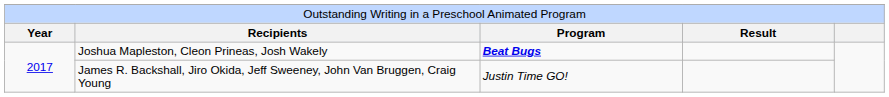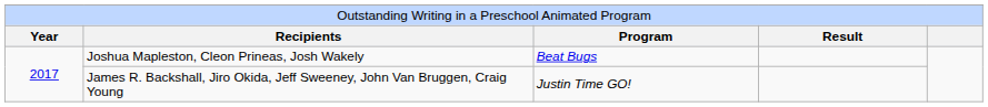 <table class="wikitable plainrowheaders" style="font-size: 90%" width=85%>
 <tr>
 </tr>
 <tr ---- bgcolor="#bfd7ff">
 <td colspan=6 align=center>Outstanding Writing in a Preschool Animated Program</td>
 </tr>
 <tr ---- bgcolor="#ebf5ff">
 <th scope="col" style="width:7%;">Year</th>
 <th scope="col" style="width:40%;">Recipients</th>
 <th scope="col" style="width:20%;">Program</th>
 <th scope="col" style="width:15%;">Result</th>
 <th scope="col" class="unsortable" style="width:5%;"></th>
 </tr>
 <tr>
 <td rowspan="2" style="text-align:center;"><a href='#'>2017</a></td>
 <td>Joshua Mapleston, Cleon Prineas, Josh Wakely</td>
-<td><strong><em><a href='#'>Beat Bugs</a></em></strong></td>
+<td><em><a href='#'>Beat Bugs</a></em></td>
 <td></td>
 <td rowspan="2" style="text-align:center;"></td>
 </tr>
 <tr>
 <td>James R. Backshall, Jiro Okida, Jeff Sweeney, John Van Bruggen, Craig Young</td>
 <td><em>Justin Time GO!</em></td>
 <td></td>
 </tr>
 </table>
